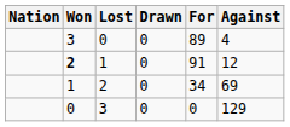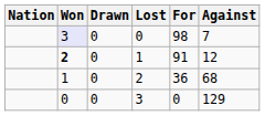 <table class="wikitable">
 <tr>
 <th>Nation</th>
 <th>Won</th>
+<th>Drawn</th>
 <th>Lost</th>
-<th>Drawn</th>
 <th>For</th>
 <th>Against</th>
 </tr>
 <tr>
 <td></td>
-<td>3</td>
+<td style="background: lavender;">3</td>
 <td>0</td>
 <td>0</td>
-<td>89</td>
-<td>4</td>
+<td>98</td>
+<td>7</td>
 </tr>
 <tr>
 <td></td>
 <td><strong>2</strong></td>
+<td>0</td>
 <td>1</td>
-<td>0</td>
 <td>91</td>
 <td>12</td>
 </tr>
 <tr>
 <td></td>
 <td>1</td>
+<td>0</td>
 <td>2</td>
-<td>0</td>
-<td>34</td>
-<td>69</td>
+<td>36</td>
+<td>68</td>
 </tr>
 <tr>
 <td></td>
 <td>0</td>
+<td>0</td>
 <td>3</td>
-<td>0</td>
 <td>0</td>
 <td>129</td>
 </tr>
 </table>
